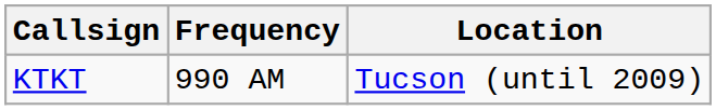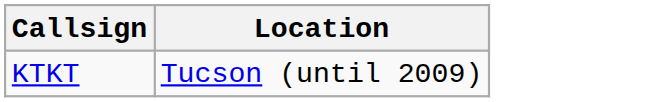 <table class="wikitable">
 <tr>
 <th>Callsign</th>
-<th>Frequency</th>
 <th>Location</th>
 </tr>
 <tr>
 <td><a href='#'>KTKT</a></td>
-<td>990 AM</td>
 <td><a href='#'>Tucson</a> (until 2009)</td>
 </tr>
 </table>
